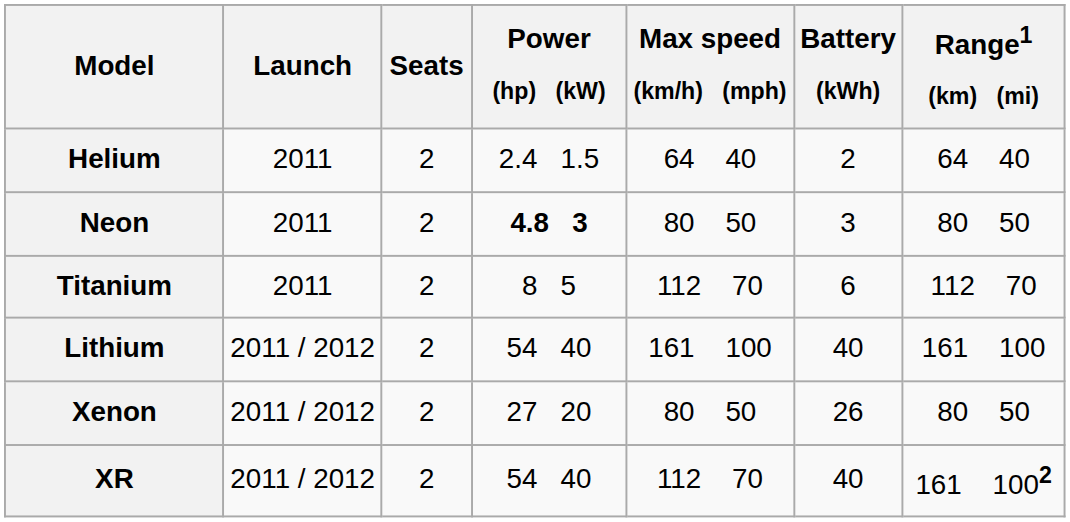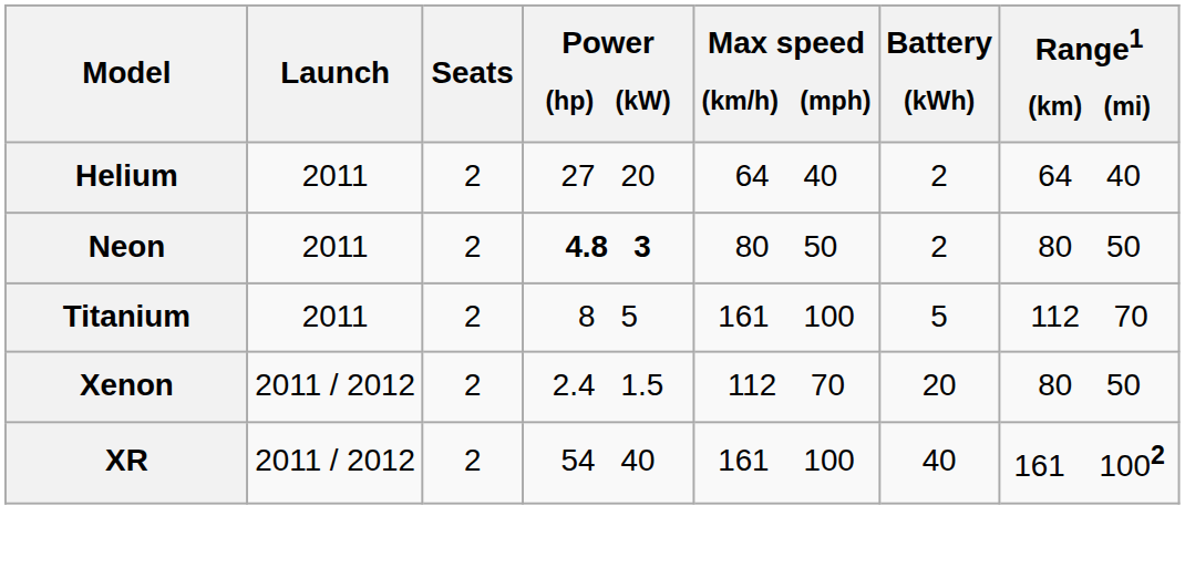 <table class="wikitable" style="text-align:center;font-size:90%;line-height:180%;">
 <tr>
 <td style="text-align: center;width: 80pt;background: #f2f2f2"><strong>Model</strong></td>
 <td style="text-align: center;width: 55pt;background: #f2f2f2"><strong>Launch</strong></td>
 <td style="text-align: center;width: 30pt;background: #f2f2f2"><strong>Seats</strong></td>
 <td style="text-align: center;width: 55pt;background: #f2f2f2"><strong>Power<br><small>(hp)   (kW)</small></strong></td>
 <td style="text-align: center;width: 60pt;background: #f2f2f2"><strong>Max speed<br><small>(km/h)   (mph)</small></strong></td>
 <td style="text-align: center;width: 35pt;background: #f2f2f2"><strong>Battery<br><small>(kWh)</small></strong></td>
 <td style="text-align: center;width: 58pt;background: #f2f2f2"><strong>Range<sup>1</sup><br><small>(km)   (mi)</small></strong></td>
 </tr>
 <tr>
 <td style="text-align: center;background: #f2f2f2"><strong>Helium</strong></td>
 <td style="text-align: center">2011</td>
 <td style="text-align: enter">2</td>
-<td style="text-align: center">2.4   1.5</td>
+<td style="text-align: center">27   20</td>
 <td style="text-align: center">64    40</td>
 <td style="text-align: center">2</td>
 <td style="text-align: center">64    40</td>
 </tr>
 <tr>
 <td style="text-align: center;background: #f2f2f2"><strong>Neon</strong></td>
 <td style="text-align: center">2011</td>
 <td style="text-align: center">2</td>
 <td style="text-align: center"><strong>4.8   3</strong></td>
 <td style="text-align: center">80    50</td>
-<td style="text-align: center">3</td>
+<td style="text-align: center">2</td>
 <td style="text-align: center">80    50</td>
 </tr>
 <tr>
 <td style="text-align: center;background: #f2f2f2"><strong>Titanium</strong></td>
 <td style="text-align: center">2011</td>
 <td style="text-align: enter">2</td>
 <td style="text-align: center">8   5</td>
+<td style="text-align: center">161    100</td>
+<td style="text-align: center">5</td>
 <td style="text-align: center">112    70</td>
-<td style="text-align: center">6</td>
-<td style="text-align: center">112    70</td>
-</tr>
-<tr>
-<td style="text-align: center;background: #f2f2f2"><strong>Lithium</strong></td>
-<td style="text-align: center">2011 / 2012</td>
-<td style="text-align: center">2</td>
-<td style="text-align: center">54   40</td>
-<td style="text-align: center">161    100</td>
-<td style="text-align: center">40</td>
-<td style="text-align: center">161    100</td>
 </tr>
 <tr>
 <td style="text-align: center;background: #f2f2f2"><strong>Xenon</strong></td>
 <td style="text-align: center">2011 / 2012</td>
 <td style="text-align: center">2</td>
-<td style="text-align: center">27   20</td>
-<td style="text-align: center">80    50</td>
-<td style="text-align: center">26</td>
+<td style="text-align: center">2.4   1.5</td>
+<td style="text-align: center">112    70</td>
+<td style="text-align: center">20</td>
 <td style="text-align: center">80    50</td>
 </tr>
 <tr>
 <td style="text-align: center;background: #f2f2f2"><strong>XR</strong></td>
 <td style="text-align: center">2011 / 2012</td>
 <td style="text-align: center">2</td>
 <td style="text-align: center">54   40</td>
-<td style="text-align: center">112    70</td>
+<td style="text-align: center">161    100</td>
 <td style="text-align: center">40</td>
 <td style="text-align: center">161    100<sup><strong>2</strong></sup></td>
 </tr>
 </table>
